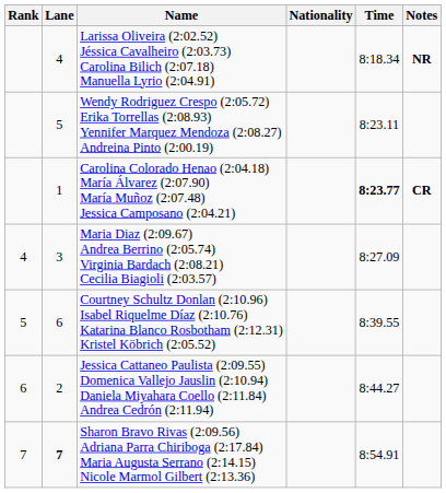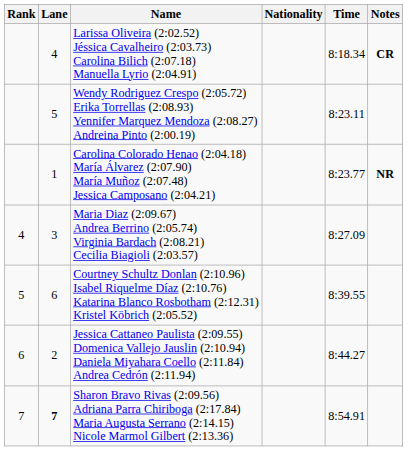 <table class="wikitable sortable" style="text-align:center">
 <tr>
 <th>Rank</th>
 <th>Lane</th>
 <th>Name</th>
 <th>Nationality</th>
 <th>Time</th>
 <th>Notes</th>
 </tr>
 <tr>
 <td></td>
 <td>4</td>
 <td align=left><a href='#'>Larissa Oliveira</a> (2:02.52) <br> <a href='#'>Jéssica Cavalheiro</a> (2:03.73) <br> <a href='#'>Carolina Bilich</a> (2:07.18) <br> <a href='#'>Manuella Lyrio</a> (2:04.91)</td>
 <td align=left></td>
 <td>8:18.34</td>
-<td><strong>NR</strong></td>
+<td><strong>CR</strong></td>
 </tr>
 <tr>
 <td></td>
 <td>5</td>
 <td align=left><a href='#'>Wendy Rodriguez Crespo</a> (2:05.72) <br> <a href='#'>Erika Torrellas</a> (2:08.93) <br> <a href='#'>Yennifer Marquez Mendoza</a> (2:08.27) <br> <a href='#'>Andreina Pinto</a> (2:00.19)</td>
 <td align=left></td>
 <td>8:23.11</td>
 <td></td>
 </tr>
 <tr>
 <td></td>
 <td>1</td>
 <td align=left><a href='#'>Carolina Colorado Henao</a> (2:04.18) <br> <a href='#'>María Álvarez</a> (2:07.90) <br> <a href='#'>María Muñoz</a> (2:07.48) <br> <a href='#'>Jessica Camposano</a> (2:04.21)</td>
 <td align=left></td>
-<td><strong>8:23.77</strong></td>
-<td><strong>CR</strong></td>
+<td>8:23.77</td>
+<td><strong>NR</strong></td>
 </tr>
 <tr>
 <td>4</td>
 <td>3</td>
 <td align=left><a href='#'>Maria Diaz</a> (2:09.67) <br> <a href='#'>Andrea Berrino</a> (2:05.74) <br> <a href='#'>Virginia Bardach</a> (2:08.21) <br> <a href='#'>Cecilia Biagioli</a> (2:03.57)</td>
 <td align=left></td>
 <td>8:27.09</td>
 <td></td>
 </tr>
 <tr>
 <td>5</td>
 <td>6</td>
 <td align=left><a href='#'>Courtney Schultz Donlan</a> (2:10.96) <br> <a href='#'>Isabel Riquelme Díaz</a> (2:10.76) <br> <a href='#'>Katarina Blanco Rosbotham</a> (2:12.31) <br> <a href='#'>Kristel Köbrich</a> (2:05.52)</td>
 <td align=left></td>
 <td>8:39.55</td>
 <td></td>
 </tr>
 <tr>
 <td>6</td>
 <td>2</td>
 <td align=left><a href='#'>Jessica Cattaneo Paulista</a> (2:09.55) <br> <a href='#'>Domenica Vallejo Jauslin</a> (2:10.94) <br> <a href='#'>Daniela Miyahara Coello</a> (2:11.84) <br> <a href='#'>Andrea Cedrón</a> (2:11.94)</td>
 <td align=left></td>
 <td>8:44.27</td>
 <td></td>
 </tr>
 <tr>
 <td>7</td>
 <td><strong>7</strong></td>
 <td align=left><a href='#'>Sharon Bravo Rivas</a> (2:09.56) <br> <a href='#'>Adriana Parra Chiriboga</a> (2:17.84) <br> <a href='#'>Maria Augusta Serrano</a> (2:14.15) <br> <a href='#'>Nicole Marmol Gilbert</a> (2:13.36)</td>
 <td align=left></td>
 <td>8:54.91</td>
 <td></td>
 </tr>
 </table>
